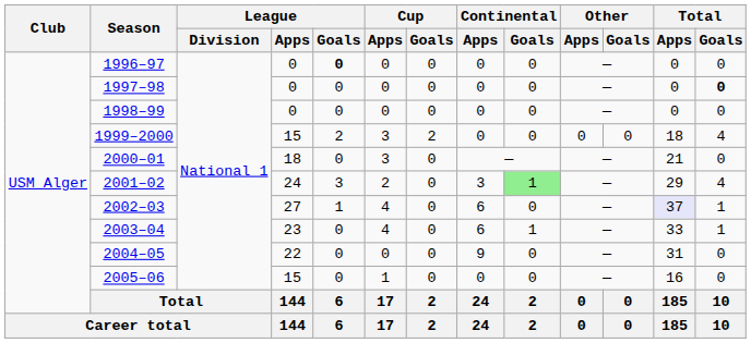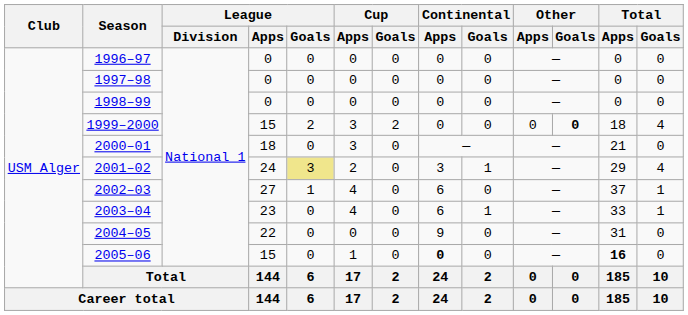 <table class="wikitable" style="text-align:center">
 <tr>
 <th rowspan="2">Club</th>
 <th rowspan="2">Season</th>
 <th colspan="3">League</th>
 <th colspan="2">Cup</th>
 <th colspan="2">Continental</th>
 <th colspan="2">Other</th>
 <th colspan="2">Total</th>
 </tr>
 <tr>
 <th>Division</th>
 <th>Apps</th>
 <th>Goals</th>
 <th>Apps</th>
 <th>Goals</th>
 <th>Apps</th>
 <th>Goals</th>
 <th>Apps</th>
 <th>Goals</th>
 <th>Apps</th>
 <th>Goals</th>
 </tr>
 <tr>
 <td rowspan="11"><a href='#'>USM Alger</a></td>
 <td><a href='#'>1996–97</a></td>
 <td rowspan=10><a href='#'>National 1</a></td>
 <td>0</td>
-<td><strong>0</strong></td>
+<td>0</td>
 <td>0</td>
 <td>0</td>
 <td>0</td>
 <td>0</td>
 <td colspan="2">—</td>
 <td>0</td>
 <td>0</td>
 </tr>
 <tr>
 <td><a href='#'>1997–98</a></td>
 <td>0</td>
 <td>0</td>
 <td>0</td>
 <td>0</td>
 <td>0</td>
 <td>0</td>
 <td colspan="2">—</td>
 <td>0</td>
-<td><strong>0</strong></td>
+<td>0</td>
 </tr>
 <tr>
 <td><a href='#'>1998–99</a></td>
 <td>0</td>
 <td>0</td>
 <td>0</td>
 <td>0</td>
 <td>0</td>
 <td>0</td>
 <td colspan="2">—</td>
 <td>0</td>
 <td>0</td>
 </tr>
 <tr>
 <td><a href='#'>1999–2000</a></td>
 <td>15</td>
 <td>2</td>
 <td>3</td>
 <td>2</td>
 <td>0</td>
 <td>0</td>
 <td>0</td>
-<td>0</td>
+<td><strong>0</strong></td>
 <td>18</td>
 <td>4</td>
 </tr>
 <tr>
 <td><a href='#'>2000–01</a></td>
 <td>18</td>
 <td>0</td>
 <td>3</td>
 <td>0</td>
 <td colspan="2">—</td>
 <td colspan="2">—</td>
 <td>21</td>
 <td>0</td>
 </tr>
 <tr>
 <td><a href='#'>2001–02</a></td>
 <td>24</td>
-<td>3</td>
+<td style="background: khaki;">3</td>
 <td>2</td>
 <td>0</td>
 <td>3</td>
-<td style="background: lightgreen;">1</td>
+<td>1</td>
 <td colspan="2">—</td>
 <td>29</td>
 <td>4</td>
 </tr>
 <tr>
 <td><a href='#'>2002–03</a></td>
 <td>27</td>
 <td>1</td>
 <td>4</td>
 <td>0</td>
 <td>6</td>
 <td>0</td>
 <td colspan="2">—</td>
-<td style="background: lavender;">37</td>
+<td>37</td>
 <td>1</td>
 </tr>
 <tr>
 <td><a href='#'>2003–04</a></td>
 <td>23</td>
 <td>0</td>
 <td>4</td>
 <td>0</td>
 <td>6</td>
 <td>1</td>
 <td colspan="2">—</td>
 <td>33</td>
 <td>1</td>
 </tr>
 <tr>
 <td><a href='#'>2004–05</a></td>
 <td>22</td>
 <td>0</td>
 <td>0</td>
 <td>0</td>
 <td>9</td>
 <td>0</td>
 <td colspan="2">—</td>
 <td>31</td>
 <td>0</td>
 </tr>
 <tr>
 <td><a href='#'>2005–06</a></td>
 <td>15</td>
 <td>0</td>
 <td>1</td>
 <td>0</td>
-<td>0</td>
+<td><strong>0</strong></td>
 <td>0</td>
 <td colspan="2">—</td>
-<td>16</td>
+<td><strong>16</strong></td>
 <td>0</td>
 </tr>
 <tr>
 <th colspan="2">Total</th>
 <th>144</th>
 <th>6</th>
 <th>17</th>
 <th>2</th>
 <th>24</th>
 <th>2</th>
 <th>0</th>
 <th>0</th>
 <th>185</th>
 <th>10</th>
 </tr>
 <tr>
 <th colspan="3">Career total</th>
 <th>144</th>
 <th>6</th>
 <th>17</th>
 <th>2</th>
 <th>24</th>
 <th>2</th>
 <th>0</th>
 <th>0</th>
 <th>185</th>
 <th>10</th>
 </tr>
 </table>
